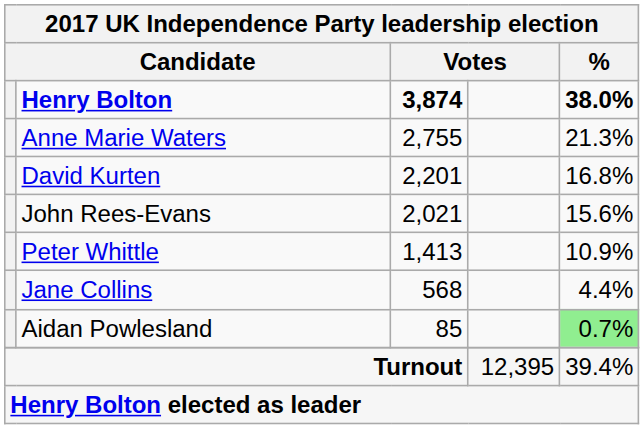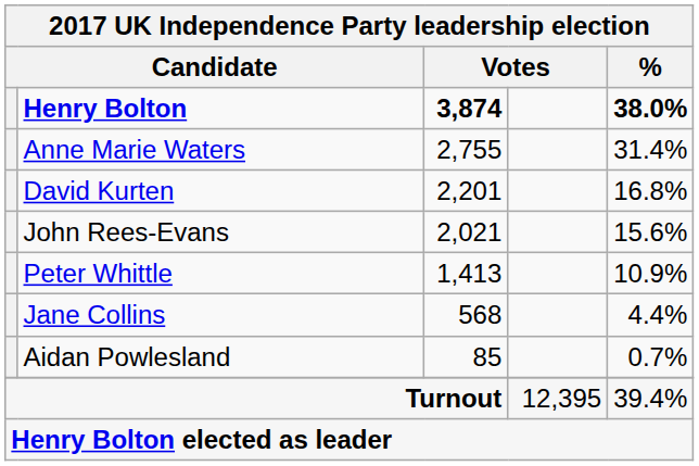 <table class="wikitable" style="font-size: 95%;">
 <tr>
 <th colspan="5">2017 UK Independence Party leadership election</th>
 </tr>
 <tr>
 <th colspan="2" style="width: 190px">Candidate</th>
 <th colspan="2" style="width: 100px">Votes</th>
 <th style="width: 40px">%</th>
 </tr>
 <tr>
 <th style="background-color: "></th>
 <td style="width: 230px"><strong><a href='#'>Henry Bolton</a></strong></td>
 <td style="text-align:right;"><strong>3,874</strong></td>
 <td align=center></td>
 <td style="text-align:right;"><strong>38.0%</strong></td>
 </tr>
 <tr>
 <th style="background-color: "></th>
 <td style="width: 230px"><a href='#'>Anne Marie Waters</a></td>
 <td style="text-align:right;">2,755</td>
 <td align=center></td>
-<td style="text-align:right;">21.3%</td>
+<td style="text-align:right;">31.4%</td>
 </tr>
 <tr>
 <th style="background-color: "></th>
 <td style="width: 230px"><a href='#'>David Kurten</a></td>
 <td style="text-align:right;">2,201</td>
 <td align=center></td>
 <td style="text-align:right;">16.8%</td>
 </tr>
 <tr>
 <th style="background-color: "></th>
 <td style="width: 230px">John Rees-Evans</td>
 <td style="text-align:right;">2,021</td>
 <td align=center></td>
 <td style="text-align:right;">15.6%</td>
 </tr>
 <tr>
 <th style="background-color: "></th>
 <td style="width: 230px"><a href='#'>Peter Whittle</a></td>
 <td style="text-align:right;">1,413</td>
 <td align=center></td>
 <td style="text-align:right;">10.9%</td>
 </tr>
 <tr>
 <th style="background-color: "></th>
 <td style="width: 230px"><a href='#'>Jane Collins</a></td>
 <td style="text-align:right;">568</td>
 <td align=center></td>
 <td style="text-align:right;">4.4%</td>
 </tr>
 <tr>
 <th style="background-color: "></th>
 <td style="width: 230px">Aidan Powlesland</td>
 <td style="text-align:right;">85</td>
 <td align=center></td>
-<td style="background: lightgreen; text-align:right;">0.7%</td>
+<td style="text-align:right;">0.7%</td>
 </tr>
 <tr>
 </tr>
 <tr style="background:#f6f6f6; text-align:right;">
 <td colspan="3"><strong>Turnout</strong></td>
 <td>12,395</td>
 <td>39.4%</td>
 </tr>
 <tr style="background:#f6f6f6;">
 <td colspan="5"><strong><a href='#'>Henry Bolton</a> elected as leader</strong></td>
 </tr>
 </table>
